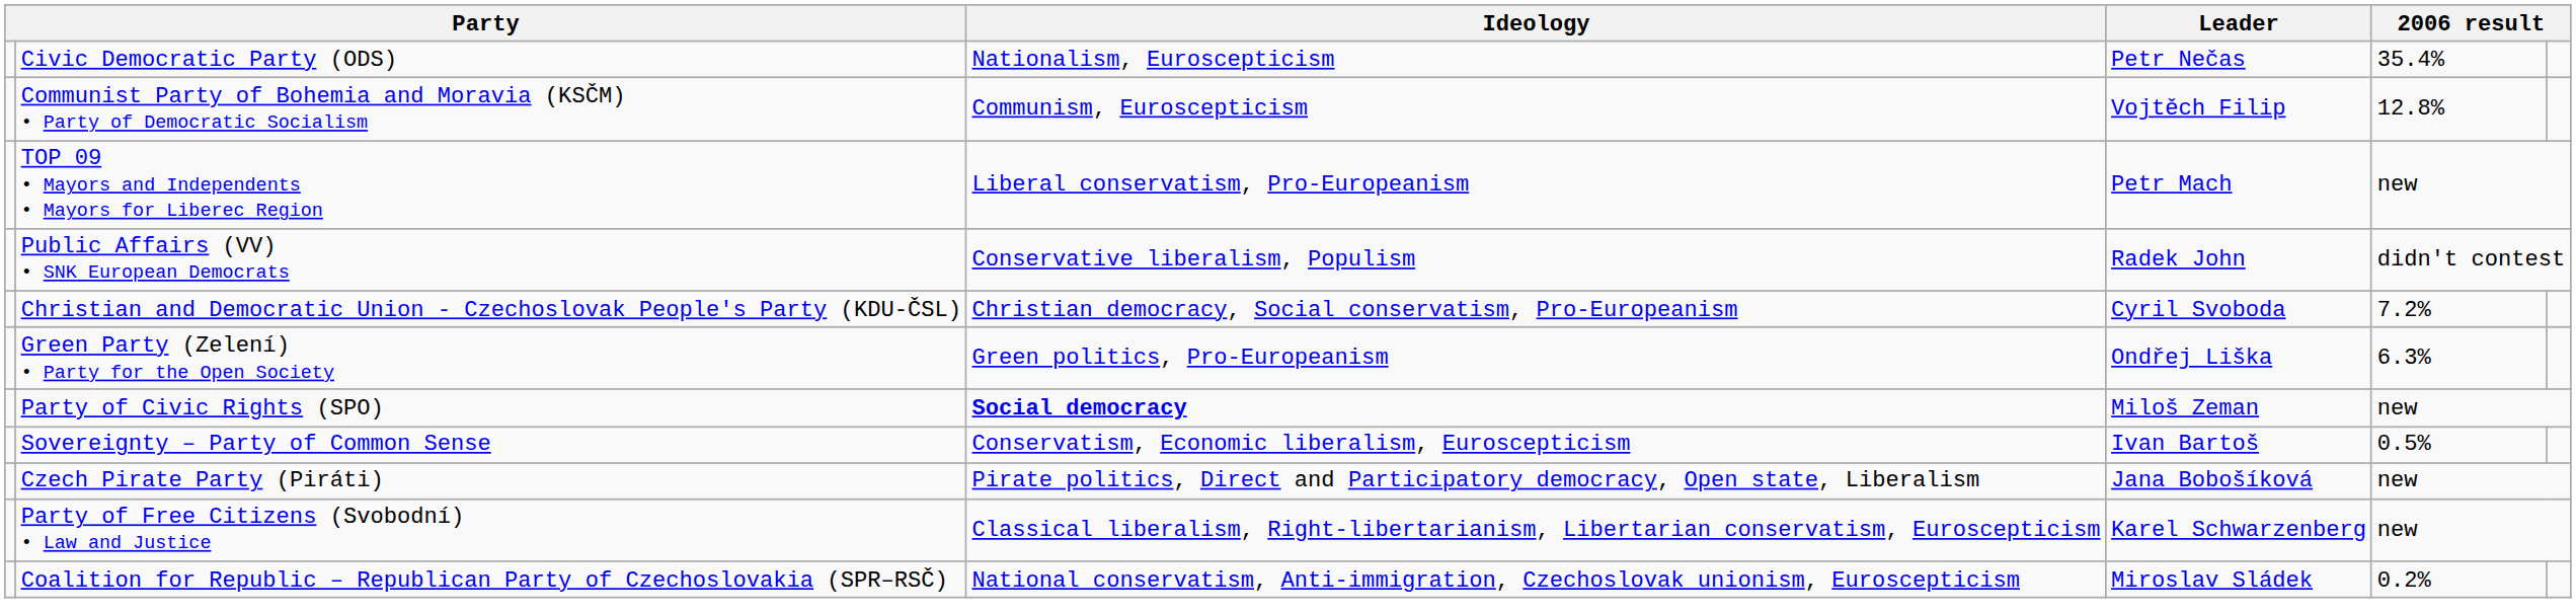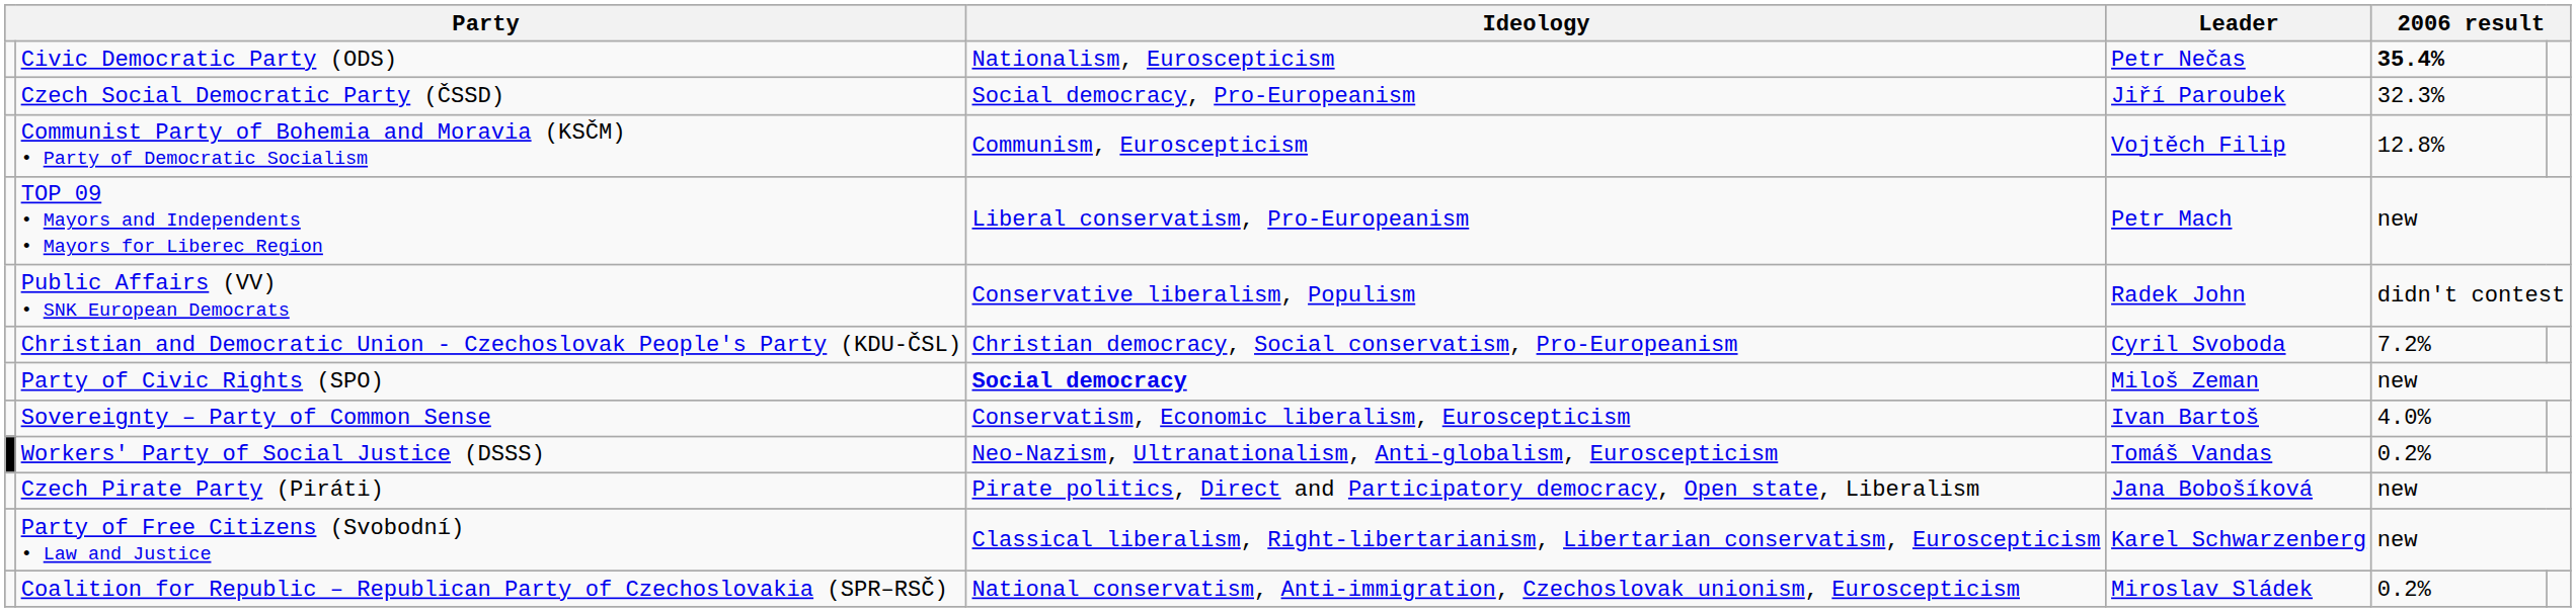 <table class=wikitable style=text-align:left>
 <tr>
 <th colspan=2>Party</th>
 <th>Ideology</th>
 <th>Leader</th>
 <th colspan="2">2006 result</th>
 </tr>
 <tr>
 <td></td>
 <td><a href='#'>Civic Democratic Party</a> (ODS)</td>
 <td><a href='#'>Nationalism</a>, <a href='#'>Euroscepticism</a></td>
 <td><a href='#'>Petr Nečas</a></td>
-<td>35.4%</td>
+<td><strong>35.4%</strong></td>
+<td></td>
+</tr>
+<tr>
+<td></td>
+<td><a href='#'>Czech Social Democratic Party</a> (ČSSD)</td>
+<td><a href='#'>Social democracy</a>, <a href='#'>Pro-Europeanism</a></td>
+<td><a href='#'>Jiří Paroubek</a></td>
+<td>32.3%</td>
 <td></td>
 </tr>
 <tr>
 <td></td>
 <td><a href='#'>Communist Party of Bohemia and Moravia</a> (KSČM)<small><br>• <a href='#'>Party of Democratic Socialism</a></small></td>
 <td><a href='#'>Communism</a>, <a href='#'>Euroscepticism</a></td>
 <td><a href='#'>Vojtěch Filip</a></td>
 <td>12.8%</td>
 <td></td>
 </tr>
 <tr>
 <td></td>
 <td><a href='#'>TOP 09</a><small><br>• <a href='#'>Mayors and Independents</a></small><small><br>• <a href='#'>Mayors for Liberec Region</a></small></td>
 <td><a href='#'>Liberal conservatism</a>, <a href='#'>Pro-Europeanism</a></td>
 <td><a href='#'>Petr Mach</a></td>
 <td colspan="2">new</td>
 </tr>
 <tr>
 <td></td>
 <td><a href='#'>Public Affairs</a> (VV)<small><br>• <a href='#'>SNK European Democrats</a></small></td>
 <td><a href='#'>Conservative liberalism</a>, <a href='#'>Populism</a></td>
 <td><a href='#'>Radek John</a></td>
 <td colspan="2">didn't contest</td>
 </tr>
 <tr>
 <td></td>
 <td><a href='#'>Christian and Democratic Union - Czechoslovak People's Party</a> (KDU-ČSL)</td>
 <td><a href='#'>Christian democracy</a>, <a href='#'>Social conservatism</a>, <a href='#'>Pro-Europeanism</a></td>
 <td><a href='#'>Cyril Svoboda</a></td>
 <td>7.2%</td>
 <td></td>
 </tr>
 <tr>
 <td></td>
-<td><a href='#'>Green Party</a> (Zelení)<small><br>• <a href='#'>Party for the Open Society</a></small></td>
-<td><a href='#'>Green politics</a>, <a href='#'>Pro-Europeanism</a></td>
-<td><a href='#'>Ondřej Liška</a></td>
-<td>6.3%</td>
-<td></td>
-</tr>
-<tr>
-<td></td>
 <td><a href='#'>Party of Civic Rights</a> (SPO)</td>
 <td><strong><a href='#'>Social democracy</a></strong></td>
 <td><a href='#'>Miloš Zeman</a></td>
 <td colspan="2">new</td>
 </tr>
 <tr>
 <td></td>
 <td><a href='#'>Sovereignty – Party of Common Sense</a></td>
 <td><a href='#'>Conservatism</a>, <a href='#'>Economic liberalism</a>, <a href='#'>Euroscepticism</a></td>
 <td><a href='#'>Ivan Bartoš</a></td>
-<td>0.5%</td>
+<td>4.0%</td>
+<td></td>
+</tr>
+<tr>
+<td bgcolor="black"></td>
+<td><a href='#'>Workers' Party of Social Justice</a> (DSSS)</td>
+<td><a href='#'>Neo-Nazism</a>, <a href='#'>Ultranationalism</a>, <a href='#'>Anti-globalism</a>, <a href='#'>Euroscepticism</a></td>
+<td><a href='#'>Tomáš Vandas</a></td>
+<td>0.2%</td>
 <td></td>
 </tr>
 <tr>
 <td></td>
 <td><a href='#'>Czech Pirate Party</a> (Piráti)</td>
 <td><a href='#'>Pirate politics</a>, <a href='#'>Direct</a> and <a href='#'>Participatory democracy</a>, <a href='#'>Open state</a>, Liberalism</td>
 <td><a href='#'>Jana Bobošíková</a></td>
 <td colspan="2">new</td>
 </tr>
 <tr>
 <td></td>
 <td><a href='#'>Party of Free Citizens</a> (Svobodní)<small><br>• <a href='#'>Law and Justice</a></small></td>
 <td><a href='#'>Classical liberalism</a>, <a href='#'>Right-libertarianism</a>, <a href='#'>Libertarian conservatism</a>, <a href='#'>Euroscepticism</a></td>
 <td><a href='#'>Karel Schwarzenberg</a></td>
 <td colspan="2">new</td>
 </tr>
 <tr>
 <td></td>
 <td><a href='#'>Coalition for Republic – Republican Party of Czechoslovakia</a> (SPR–RSČ)</td>
 <td><a href='#'>National conservatism</a>, <a href='#'>Anti-immigration</a>, <a href='#'>Czechoslovak unionism</a>, <a href='#'>Euroscepticism</a></td>
 <td><a href='#'>Miroslav Sládek</a></td>
 <td>0.2%</td>
 <td></td>
 </tr>
 </table>
